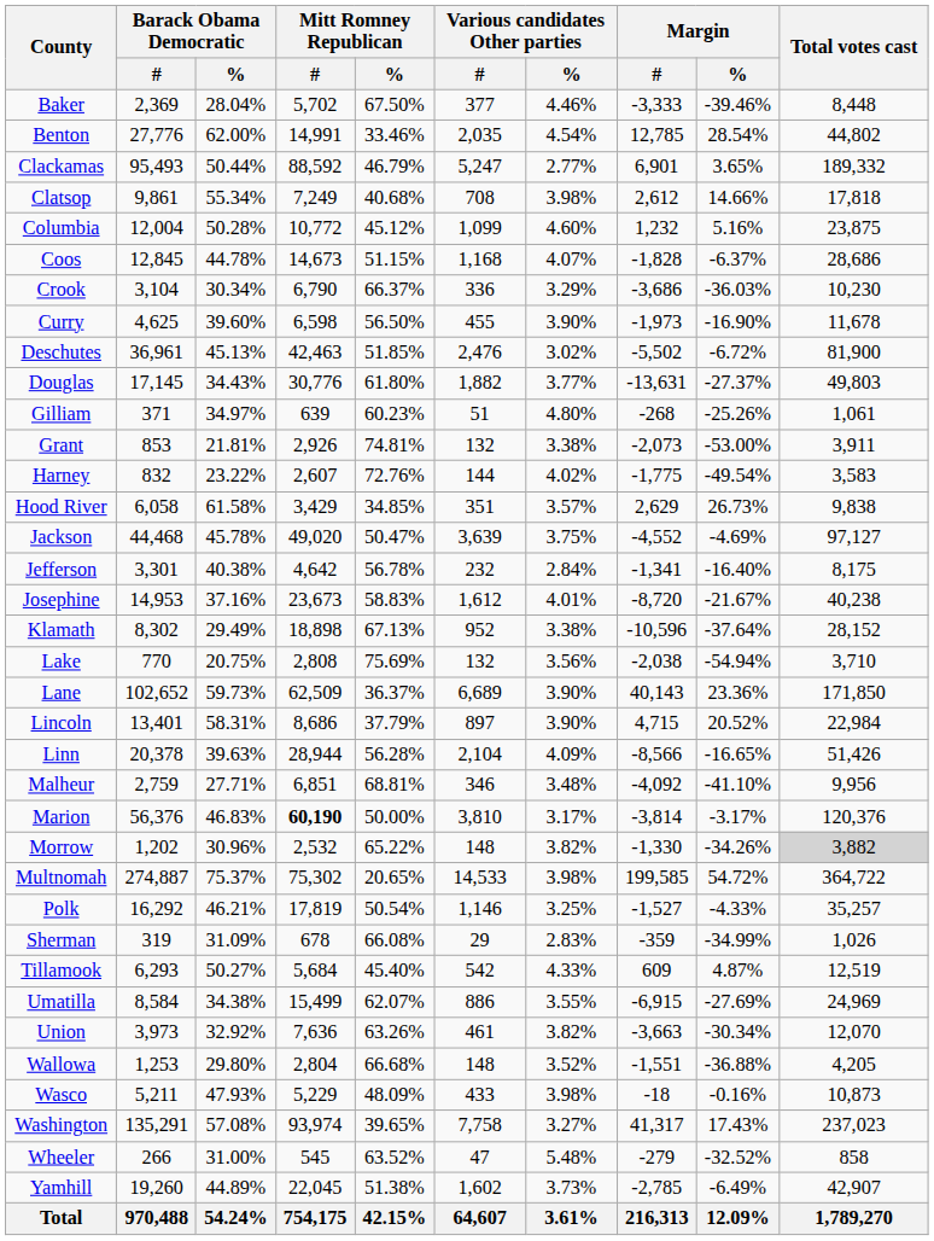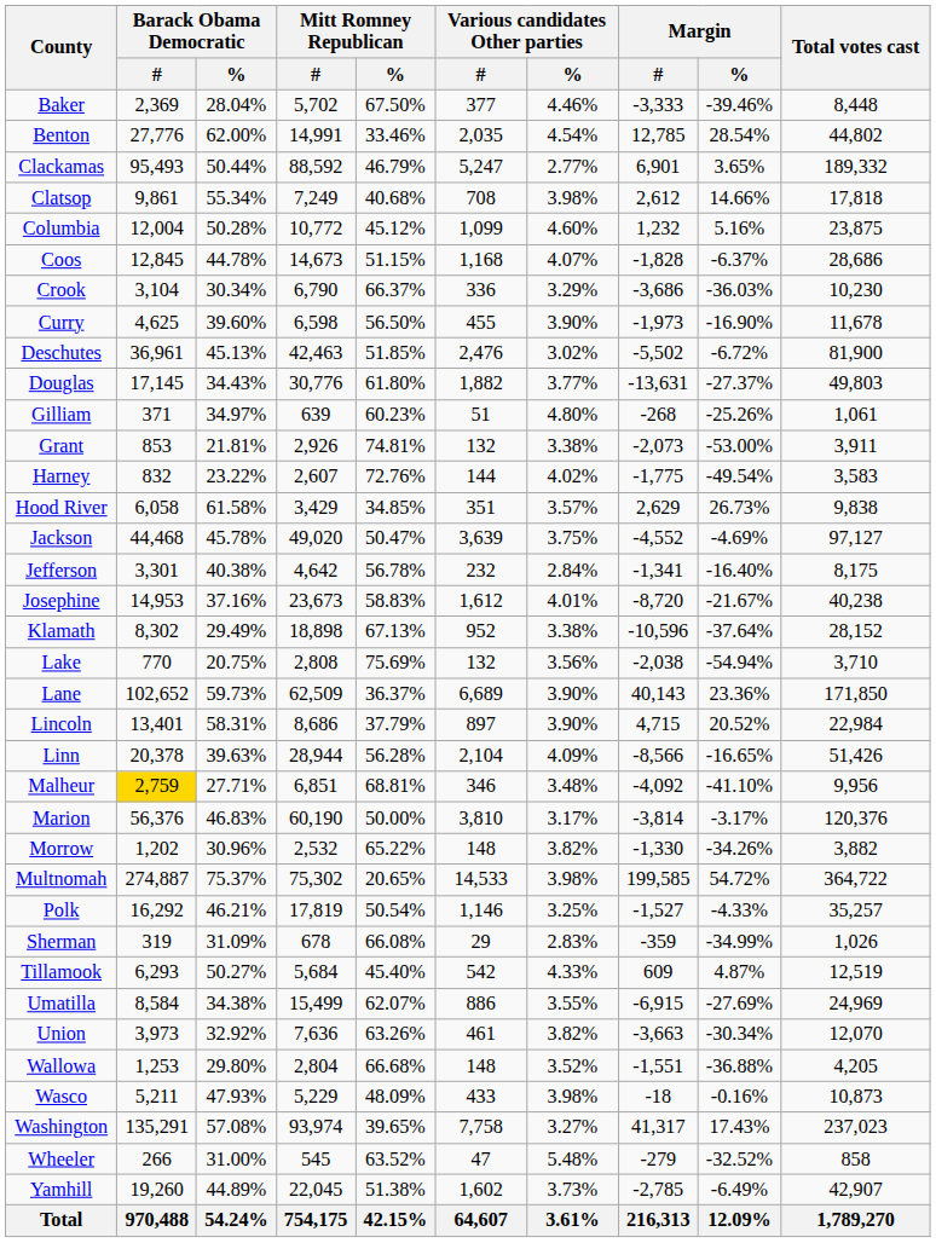 <table width="60%"  class="wikitable sortable" style="text-align:center">
 <tr>
 <th style="text-align:center;" rowspan="2">County</th>
 <th style="text-align:center;" colspan="2">Barack Obama<br>Democratic</th>
 <th style="text-align:center;" colspan="2">Mitt Romney<br>Republican</th>
 <th style="text-align:center;" colspan="2">Various candidates<br>Other parties</th>
 <th style="text-align:center;" colspan="2">Margin</th>
 <th style="text-align:center;" rowspan="2">Total votes cast</th>
 </tr>
 <tr>
 <th style="text-align:center;" data-sort-type="number">#</th>
 <th style="text-align:center;" data-sort-type="number">%</th>
 <th style="text-align:center;" data-sort-type="number">#</th>
 <th style="text-align:center;" data-sort-type="number">%</th>
 <th style="text-align:center;" data-sort-type="number">#</th>
 <th style="text-align:center;" data-sort-type="number">%</th>
 <th style="text-align:center;" data-sort-type="number">#</th>
 <th style="text-align:center;" data-sort-type="number">%</th>
 </tr>
 <tr style="text-align:center;">
 <td><a href='#'>Baker</a></td>
 <td>2,369</td>
 <td>28.04%</td>
 <td>5,702</td>
 <td>67.50%</td>
 <td>377</td>
 <td>4.46%</td>
 <td>-3,333</td>
 <td>-39.46%</td>
 <td>8,448</td>
 </tr>
 <tr style="text-align:center;">
 <td><a href='#'>Benton</a></td>
 <td>27,776</td>
 <td>62.00%</td>
 <td>14,991</td>
 <td>33.46%</td>
 <td>2,035</td>
 <td>4.54%</td>
 <td>12,785</td>
 <td>28.54%</td>
 <td>44,802</td>
 </tr>
 <tr style="text-align:center;">
 <td><a href='#'>Clackamas</a></td>
 <td>95,493</td>
 <td>50.44%</td>
 <td>88,592</td>
 <td>46.79%</td>
 <td>5,247</td>
 <td>2.77%</td>
 <td>6,901</td>
 <td>3.65%</td>
 <td>189,332</td>
 </tr>
 <tr style="text-align:center;">
 <td><a href='#'>Clatsop</a></td>
 <td>9,861</td>
 <td>55.34%</td>
 <td>7,249</td>
 <td>40.68%</td>
 <td>708</td>
 <td>3.98%</td>
 <td>2,612</td>
 <td>14.66%</td>
 <td>17,818</td>
 </tr>
 <tr style="text-align:center;">
 <td><a href='#'>Columbia</a></td>
 <td>12,004</td>
 <td>50.28%</td>
 <td>10,772</td>
 <td>45.12%</td>
 <td>1,099</td>
 <td>4.60%</td>
 <td>1,232</td>
 <td>5.16%</td>
 <td>23,875</td>
 </tr>
 <tr style="text-align:center;">
 <td><a href='#'>Coos</a></td>
 <td>12,845</td>
 <td>44.78%</td>
 <td>14,673</td>
 <td>51.15%</td>
 <td>1,168</td>
 <td>4.07%</td>
 <td>-1,828</td>
 <td>-6.37%</td>
 <td>28,686</td>
 </tr>
 <tr style="text-align:center;">
 <td><a href='#'>Crook</a></td>
 <td>3,104</td>
 <td>30.34%</td>
 <td>6,790</td>
 <td>66.37%</td>
 <td>336</td>
 <td>3.29%</td>
 <td>-3,686</td>
 <td>-36.03%</td>
 <td>10,230</td>
 </tr>
 <tr style="text-align:center;">
 <td><a href='#'>Curry</a></td>
 <td>4,625</td>
 <td>39.60%</td>
 <td>6,598</td>
 <td>56.50%</td>
 <td>455</td>
 <td>3.90%</td>
 <td>-1,973</td>
 <td>-16.90%</td>
 <td>11,678</td>
 </tr>
 <tr style="text-align:center;">
 <td><a href='#'>Deschutes</a></td>
 <td>36,961</td>
 <td>45.13%</td>
 <td>42,463</td>
 <td>51.85%</td>
 <td>2,476</td>
 <td>3.02%</td>
 <td>-5,502</td>
 <td>-6.72%</td>
 <td>81,900</td>
 </tr>
 <tr style="text-align:center;">
 <td><a href='#'>Douglas</a></td>
 <td>17,145</td>
 <td>34.43%</td>
 <td>30,776</td>
 <td>61.80%</td>
 <td>1,882</td>
 <td>3.77%</td>
 <td>-13,631</td>
 <td>-27.37%</td>
 <td>49,803</td>
 </tr>
 <tr style="text-align:center;">
 <td><a href='#'>Gilliam</a></td>
 <td>371</td>
 <td>34.97%</td>
 <td>639</td>
 <td>60.23%</td>
 <td>51</td>
 <td>4.80%</td>
 <td>-268</td>
 <td>-25.26%</td>
 <td>1,061</td>
 </tr>
 <tr style="text-align:center;">
 <td><a href='#'>Grant</a></td>
 <td>853</td>
 <td>21.81%</td>
 <td>2,926</td>
 <td>74.81%</td>
 <td>132</td>
 <td>3.38%</td>
 <td>-2,073</td>
 <td>-53.00%</td>
 <td>3,911</td>
 </tr>
 <tr style="text-align:center;">
 <td><a href='#'>Harney</a></td>
 <td>832</td>
 <td>23.22%</td>
 <td>2,607</td>
 <td>72.76%</td>
 <td>144</td>
 <td>4.02%</td>
 <td>-1,775</td>
 <td>-49.54%</td>
 <td>3,583</td>
 </tr>
 <tr style="text-align:center;">
 <td><a href='#'>Hood River</a></td>
 <td>6,058</td>
 <td>61.58%</td>
 <td>3,429</td>
 <td>34.85%</td>
 <td>351</td>
 <td>3.57%</td>
 <td>2,629</td>
 <td>26.73%</td>
 <td>9,838</td>
 </tr>
 <tr style="text-align:center;">
 <td><a href='#'>Jackson</a></td>
 <td>44,468</td>
 <td>45.78%</td>
 <td>49,020</td>
 <td>50.47%</td>
 <td>3,639</td>
 <td>3.75%</td>
 <td>-4,552</td>
 <td>-4.69%</td>
 <td>97,127</td>
 </tr>
 <tr style="text-align:center;">
 <td><a href='#'>Jefferson</a></td>
 <td>3,301</td>
 <td>40.38%</td>
 <td>4,642</td>
 <td>56.78%</td>
 <td>232</td>
 <td>2.84%</td>
 <td>-1,341</td>
 <td>-16.40%</td>
 <td>8,175</td>
 </tr>
 <tr style="text-align:center;">
 <td><a href='#'>Josephine</a></td>
 <td>14,953</td>
 <td>37.16%</td>
 <td>23,673</td>
 <td>58.83%</td>
 <td>1,612</td>
 <td>4.01%</td>
 <td>-8,720</td>
 <td>-21.67%</td>
 <td>40,238</td>
 </tr>
 <tr style="text-align:center;">
 <td><a href='#'>Klamath</a></td>
 <td>8,302</td>
 <td>29.49%</td>
 <td>18,898</td>
 <td>67.13%</td>
 <td>952</td>
 <td>3.38%</td>
 <td>-10,596</td>
 <td>-37.64%</td>
 <td>28,152</td>
 </tr>
 <tr style="text-align:center;">
 <td><a href='#'>Lake</a></td>
 <td>770</td>
 <td>20.75%</td>
 <td>2,808</td>
 <td>75.69%</td>
 <td>132</td>
 <td>3.56%</td>
 <td>-2,038</td>
 <td>-54.94%</td>
 <td>3,710</td>
 </tr>
 <tr style="text-align:center;">
 <td><a href='#'>Lane</a></td>
 <td>102,652</td>
 <td>59.73%</td>
 <td>62,509</td>
 <td>36.37%</td>
 <td>6,689</td>
 <td>3.90%</td>
 <td>40,143</td>
 <td>23.36%</td>
 <td>171,850</td>
 </tr>
 <tr style="text-align:center;">
 <td><a href='#'>Lincoln</a></td>
 <td>13,401</td>
 <td>58.31%</td>
 <td>8,686</td>
 <td>37.79%</td>
 <td>897</td>
 <td>3.90%</td>
 <td>4,715</td>
 <td>20.52%</td>
 <td>22,984</td>
 </tr>
 <tr style="text-align:center;">
 <td><a href='#'>Linn</a></td>
 <td>20,378</td>
 <td>39.63%</td>
 <td>28,944</td>
 <td>56.28%</td>
 <td>2,104</td>
 <td>4.09%</td>
 <td>-8,566</td>
 <td>-16.65%</td>
 <td>51,426</td>
 </tr>
 <tr style="text-align:center;">
 <td><a href='#'>Malheur</a></td>
-<td>2,759</td>
+<td style="background: gold;">2,759</td>
 <td>27.71%</td>
 <td>6,851</td>
 <td>68.81%</td>
 <td>346</td>
 <td>3.48%</td>
 <td>-4,092</td>
 <td>-41.10%</td>
 <td>9,956</td>
 </tr>
 <tr style="text-align:center;">
 <td><a href='#'>Marion</a></td>
 <td>56,376</td>
 <td>46.83%</td>
-<td><strong>60,190</strong></td>
+<td>60,190</td>
 <td>50.00%</td>
 <td>3,810</td>
 <td>3.17%</td>
 <td>-3,814</td>
 <td>-3.17%</td>
 <td>120,376</td>
 </tr>
 <tr style="text-align:center;">
 <td><a href='#'>Morrow</a></td>
 <td>1,202</td>
 <td>30.96%</td>
 <td>2,532</td>
 <td>65.22%</td>
 <td>148</td>
 <td>3.82%</td>
 <td>-1,330</td>
 <td>-34.26%</td>
-<td style="background: lightgrey;">3,882</td>
+<td>3,882</td>
 </tr>
 <tr style="text-align:center;">
 <td><a href='#'>Multnomah</a></td>
 <td>274,887</td>
 <td>75.37%</td>
 <td>75,302</td>
 <td>20.65%</td>
 <td>14,533</td>
 <td>3.98%</td>
 <td>199,585</td>
 <td>54.72%</td>
 <td>364,722</td>
 </tr>
 <tr style="text-align:center;">
 <td><a href='#'>Polk</a></td>
 <td>16,292</td>
 <td>46.21%</td>
 <td>17,819</td>
 <td>50.54%</td>
 <td>1,146</td>
 <td>3.25%</td>
 <td>-1,527</td>
 <td>-4.33%</td>
 <td>35,257</td>
 </tr>
 <tr style="text-align:center;">
 <td><a href='#'>Sherman</a></td>
 <td>319</td>
 <td>31.09%</td>
 <td>678</td>
 <td>66.08%</td>
 <td>29</td>
 <td>2.83%</td>
 <td>-359</td>
 <td>-34.99%</td>
 <td>1,026</td>
 </tr>
 <tr style="text-align:center;">
 <td><a href='#'>Tillamook</a></td>
 <td>6,293</td>
 <td>50.27%</td>
 <td>5,684</td>
 <td>45.40%</td>
 <td>542</td>
 <td>4.33%</td>
 <td>609</td>
 <td>4.87%</td>
 <td>12,519</td>
 </tr>
 <tr style="text-align:center;">
 <td><a href='#'>Umatilla</a></td>
 <td>8,584</td>
 <td>34.38%</td>
 <td>15,499</td>
 <td>62.07%</td>
 <td>886</td>
 <td>3.55%</td>
 <td>-6,915</td>
 <td>-27.69%</td>
 <td>24,969</td>
 </tr>
 <tr style="text-align:center;">
 <td><a href='#'>Union</a></td>
 <td>3,973</td>
 <td>32.92%</td>
 <td>7,636</td>
 <td>63.26%</td>
 <td>461</td>
 <td>3.82%</td>
 <td>-3,663</td>
 <td>-30.34%</td>
 <td>12,070</td>
 </tr>
 <tr style="text-align:center;">
 <td><a href='#'>Wallowa</a></td>
 <td>1,253</td>
 <td>29.80%</td>
 <td>2,804</td>
 <td>66.68%</td>
 <td>148</td>
 <td>3.52%</td>
 <td>-1,551</td>
 <td>-36.88%</td>
 <td>4,205</td>
 </tr>
 <tr style="text-align:center;">
 <td><a href='#'>Wasco</a></td>
 <td>5,211</td>
 <td>47.93%</td>
 <td>5,229</td>
 <td>48.09%</td>
 <td>433</td>
 <td>3.98%</td>
 <td>-18</td>
 <td>-0.16%</td>
 <td>10,873</td>
 </tr>
 <tr style="text-align:center;">
 <td><a href='#'>Washington</a></td>
 <td>135,291</td>
 <td>57.08%</td>
 <td>93,974</td>
 <td>39.65%</td>
 <td>7,758</td>
 <td>3.27%</td>
 <td>41,317</td>
 <td>17.43%</td>
 <td>237,023</td>
 </tr>
 <tr style="text-align:center;">
 <td><a href='#'>Wheeler</a></td>
 <td>266</td>
 <td>31.00%</td>
 <td>545</td>
 <td>63.52%</td>
 <td>47</td>
 <td>5.48%</td>
 <td>-279</td>
 <td>-32.52%</td>
 <td>858</td>
 </tr>
 <tr style="text-align:center;">
 <td><a href='#'>Yamhill</a></td>
 <td>19,260</td>
 <td>44.89%</td>
 <td>22,045</td>
 <td>51.38%</td>
 <td>1,602</td>
 <td>3.73%</td>
 <td>-2,785</td>
 <td>-6.49%</td>
 <td>42,907</td>
 </tr>
 <tr>
 <th>Total</th>
 <th>970,488</th>
 <th>54.24%</th>
 <th>754,175</th>
 <th>42.15%</th>
 <th>64,607</th>
 <th>3.61%</th>
 <th>216,313</th>
 <th>12.09%</th>
 <th>1,789,270</th>
 </tr>
 </table>
